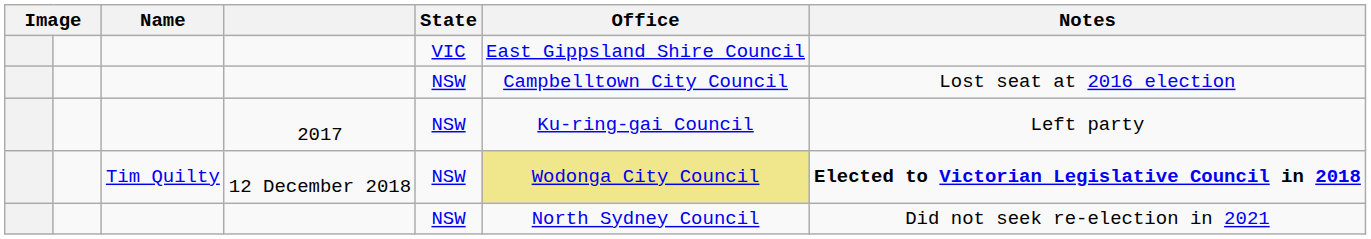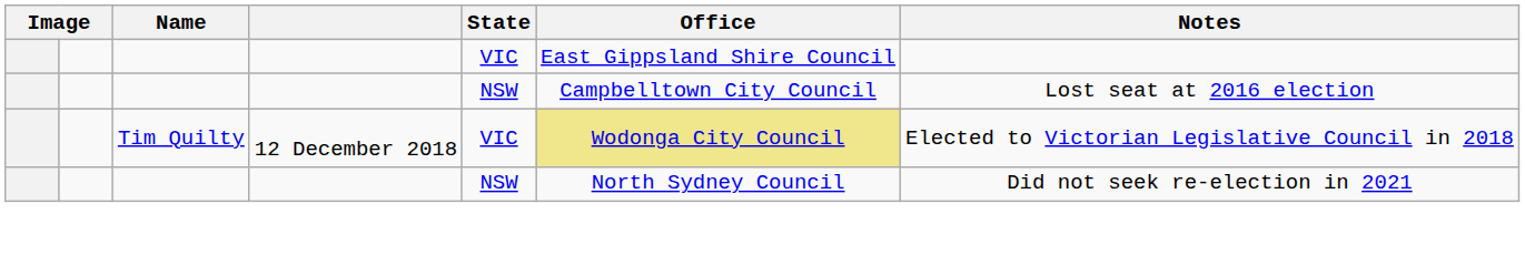 <table class="wikitable" style="text-align:center">
 <tr>
 <th colspan="2"; width=60>Image</th>
 <th>Name</th>
 <th></th>
 <th>State</th>
 <th>Office</th>
 <th>Notes</th>
 </tr>
 <tr>
 <th style="background:"></th>
 <td></td>
 <td></td>
 <td><br></td>
 <td><a href='#'>VIC</a></td>
 <td><a href='#'>East Gippsland Shire Council</a></td>
 <td></td>
 </tr>
 <tr>
 <th style="background:"></th>
 <td></td>
 <td></td>
 <td><br></td>
 <td><a href='#'>NSW</a></td>
 <td><a href='#'>Campbelltown City Council</a></td>
 <td>Lost seat at <a href='#'>2016 election</a></td>
 </tr>
 <tr>
 <th style="background:"></th>
 <td></td>
-<td></td>
-<td><br>2017</td>
-<td><a href='#'>NSW</a></td>
-<td><a href='#'>Ku-ring-gai Council</a> <br> </td>
-<td>Left party</td>
-</tr>
-<tr>
-<th style="background:"></th>
-<td></td>
 <td><a href='#'>Tim Quilty</a></td>
 <td><br>12 December 2018</td>
-<td><a href='#'>NSW</a></td>
+<td><a href='#'>VIC</a></td>
 <td style="background: khaki;"><a href='#'>Wodonga City Council</a></td>
-<td><strong>Elected to <a href='#'>Victorian Legislative Council</a> in <a href='#'>2018</a></strong></td>
+<td>Elected to <a href='#'>Victorian Legislative Council</a> in <a href='#'>2018</a></td>
 </tr>
 <tr>
 <th style="background:"></th>
 <td></td>
 <td></td>
 <td><br></td>
 <td><a href='#'>NSW</a></td>
 <td><a href='#'>North Sydney Council</a> <br> </td>
 <td>Did not seek re-election in <a href='#'>2021</a></td>
 </tr>
 </table>
